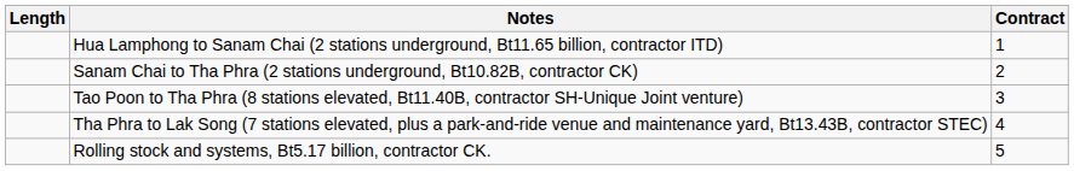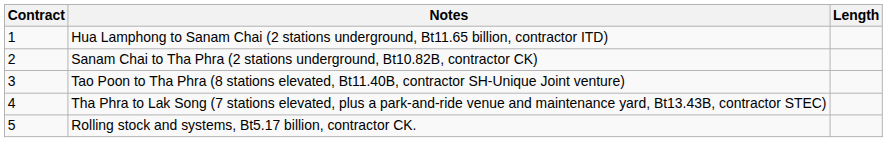 <table class="wikitable" border="1">
 <tr>
+<th style="background:#">Contract</th>
+<th style="background:#">Notes</th>
 <th style="background:#">Length</th>
-<th style="background:#">Notes</th>
-<th style="background:#">Contract</th>
 </tr>
 <tr>
+<td>1</td>
+<td>Hua Lamphong to Sanam Chai (2 stations underground, Bt11.65 billion, contractor ITD)</td>
 <td></td>
-<td>Hua Lamphong to Sanam Chai (2 stations underground, Bt11.65 billion, contractor ITD)</td>
-<td>1</td>
 </tr>
 <tr>
+<td>2</td>
+<td>Sanam Chai to Tha Phra (2 stations underground, Bt10.82B, contractor CK)</td>
 <td></td>
-<td>Sanam Chai to Tha Phra (2 stations underground, Bt10.82B, contractor CK)</td>
-<td>2</td>
 </tr>
 <tr>
+<td>3</td>
+<td>Tao Poon to Tha Phra (8 stations elevated, Bt11.40B, contractor SH-Unique Joint venture)</td>
 <td></td>
-<td>Tao Poon to Tha Phra (8 stations elevated, Bt11.40B, contractor SH-Unique Joint venture)</td>
-<td>3</td>
 </tr>
 <tr>
+<td>4</td>
+<td>Tha Phra to Lak Song (7 stations elevated, plus a park-and-ride venue and maintenance yard, Bt13.43B, contractor STEC)</td>
 <td></td>
-<td>Tha Phra to Lak Song (7 stations elevated, plus a park-and-ride venue and maintenance yard, Bt13.43B, contractor STEC)</td>
-<td>4</td>
 </tr>
 <tr>
+<td>5</td>
+<td>Rolling stock and systems, Bt5.17 billion, contractor CK.</td>
 <td></td>
-<td>Rolling stock and systems, Bt5.17 billion, contractor CK.</td>
-<td>5</td>
 </tr>
 </table>
